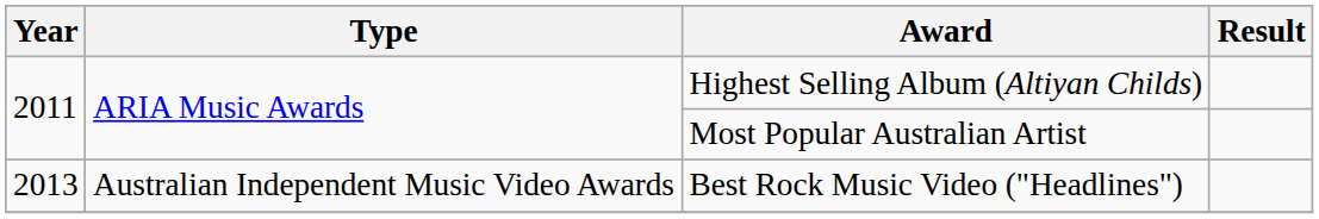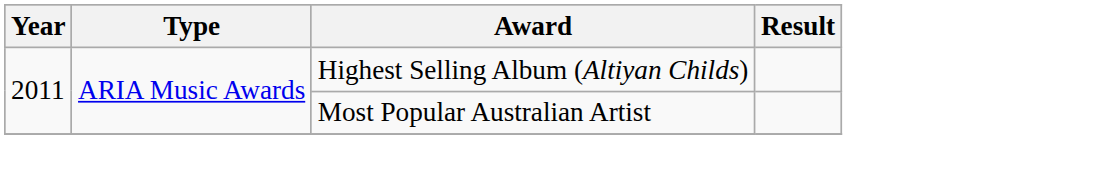 <table class="wikitable">
 <tr>
 <th>Year</th>
 <th>Type</th>
 <th>Award</th>
 <th>Result</th>
 </tr>
 <tr>
 <td rowspan="2">2011</td>
 <td rowspan="2"><a href='#'>ARIA Music Awards</a></td>
 <td>Highest Selling Album (<em>Altiyan Childs</em>)</td>
 <td></td>
 </tr>
 <tr>
 <td>Most Popular Australian Artist</td>
 <td></td>
 </tr>
 <tr>
-<td>2013</td>
-<td>Australian Independent Music Video Awards</td>
-<td>Best Rock Music Video ("Headlines")</td>
-<td></td>
-</tr>
-<tr>
 </tr>
 </table>
